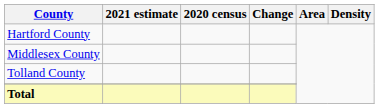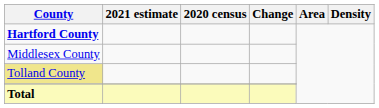 <table class="wikitable sortable">
 <tr>
 <th><a href='#'>County</a></th>
 <th>2021 estimate</th>
 <th>2020 census</th>
 <th>Change</th>
 <th>Area</th>
 <th>Density</th>
 </tr>
 <tr>
-<td><a href='#'>Hartford County</a></td>
+<td><strong><a href='#'>Hartford County</a></strong></td>
 <td></td>
 <td></td>
 <td></td>
 </tr>
 <tr>
 <td><a href='#'>Middlesex County</a></td>
 <td></td>
 <td></td>
 <td></td>
 </tr>
 <tr>
-<td><a href='#'>Tolland County</a></td>
+<td style="background: khaki;"><a href='#'>Tolland County</a></td>
 <td></td>
 <td></td>
 <td></td>
 </tr>
 <tr>
 </tr>
 <tr class=sortbottom style="background:#fbfbbb">
 <td><strong>Total</strong></td>
 <td></td>
 <td></td>
 <td></td>
 </tr>
 </table>
